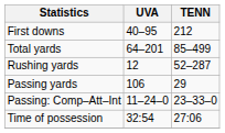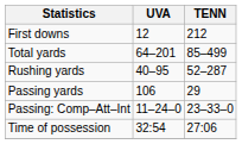 <table class="wikitable" style="float: left;">
 <tr>
 <th>Statistics</th>
 <th>UVA</th>
 <th>TENN</th>
 </tr>
 <tr>
 <td>First downs</td>
-<td>40–95</td>
+<td>12</td>
 <td>212</td>
 </tr>
 <tr>
 <td>Total yards</td>
 <td>64–201</td>
 <td>85–499</td>
 </tr>
 <tr>
 <td>Rushing yards</td>
-<td>12</td>
+<td>40–95</td>
 <td>52–287</td>
 </tr>
 <tr>
 <td>Passing yards</td>
 <td>106</td>
 <td>29</td>
 </tr>
 <tr>
 <td>Passing: Comp–Att–Int</td>
 <td>11–24–0</td>
 <td>23–33–0</td>
 </tr>
 <tr>
 <td>Time of possession</td>
 <td>32:54</td>
 <td>27:06</td>
 </tr>
 <tr>
 </tr>
 </table>
